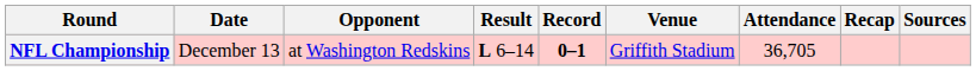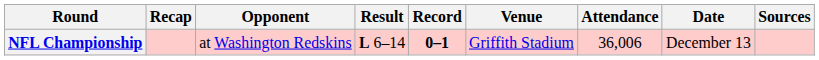 <table class="wikitable" style="text-align:center">
 <tr>
 <th>Round</th>
-<th>Date</th>
+<th>Recap</th>
 <th>Opponent</th>
 <th>Result</th>
 <th>Record</th>
 <th>Venue</th>
 <th>Attendance</th>
-<th>Recap</th>
+<th>Date</th>
 <th>Sources</th>
 </tr>
 <tr style="background:#fcc">
 <th><a href='#'>NFL Championship</a></th>
-<td>December 13</td>
+<td></td>
 <td>at <a href='#'>Washington Redskins</a></td>
 <td><strong>L</strong> 6–14</td>
 <td><strong>0–1</strong></td>
 <td><a href='#'>Griffith Stadium</a></td>
-<td>36,705</td>
-<td></td>
+<td>36,006</td>
+<td>December 13</td>
 <td></td>
 </tr>
 </table>
